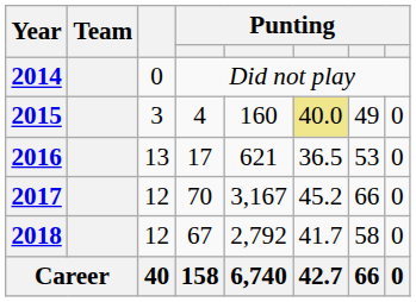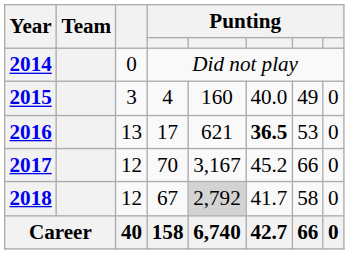 <table class="wikitable" style="text-align:center;">
 <tr>
 <th rowspan="2">Year</th>
 <th rowspan="2">Team</th>
 <th rowspan="2"></th>
 <th colspan="5">Punting</th>
 </tr>
 <tr>
 <th></th>
 <th></th>
 <th></th>
 <th></th>
 <th></th>
 </tr>
 <tr>
 <th><a href='#'>2014</a></th>
 <th><a href='#'></a></th>
 <td>0</td>
 <td colspan="5"><em>Did not play</em></td>
 </tr>
 <tr>
 <th><a href='#'>2015</a></th>
 <th><a href='#'></a></th>
 <td>3</td>
 <td>4</td>
 <td>160</td>
-<td style="background: khaki;">40.0</td>
+<td>40.0</td>
 <td>49</td>
 <td>0</td>
 </tr>
 <tr>
 <th><a href='#'>2016</a></th>
 <th><a href='#'></a></th>
 <td>13</td>
 <td>17</td>
 <td>621</td>
-<td>36.5</td>
+<td><strong>36.5</strong></td>
 <td>53</td>
 <td>0</td>
 </tr>
 <tr>
 <th><a href='#'>2017</a></th>
 <th><a href='#'></a></th>
 <td>12</td>
 <td>70</td>
 <td>3,167</td>
 <td>45.2</td>
 <td>66</td>
 <td>0</td>
 </tr>
 <tr>
 <th><a href='#'>2018</a></th>
 <th><a href='#'></a></th>
 <td>12</td>
 <td>67</td>
-<td>2,792</td>
+<td style="background: lightgrey;">2,792</td>
 <td>41.7</td>
 <td>58</td>
 <td>0</td>
 </tr>
 <tr>
 <th colspan="2">Career</th>
 <th>40</th>
 <th>158</th>
 <th>6,740</th>
 <th>42.7</th>
 <th>66</th>
 <th>0</th>
 </tr>
 </table>
